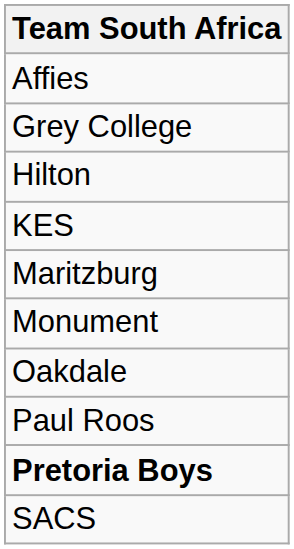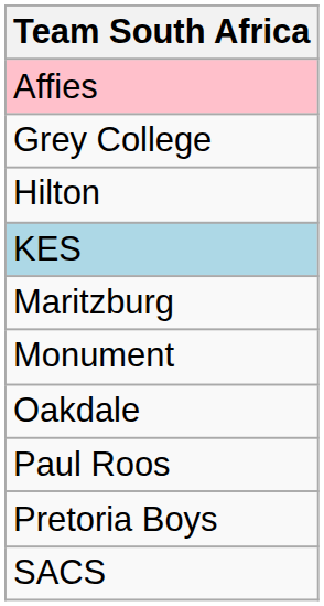 <table class="wikitable">
 <tr>
 <th>Team South Africa </th>
 </tr>
 <tr>
-<td>Affies</td>
+<td style="background: pink;">Affies</td>
 </tr>
 <tr>
 <td>Grey College</td>
 </tr>
 <tr>
 <td>Hilton</td>
 </tr>
 <tr>
-<td>KES</td>
+<td style="background: lightblue;">KES</td>
 </tr>
 <tr>
 <td>Maritzburg</td>
 </tr>
 <tr>
 <td>Monument</td>
 </tr>
 <tr>
 <td>Oakdale</td>
 </tr>
 <tr>
 <td>Paul Roos</td>
 </tr>
 <tr>
-<td><strong>Pretoria Boys</strong></td>
+<td>Pretoria Boys</td>
 </tr>
 <tr>
 <td>SACS</td>
 </tr>
 </table>
